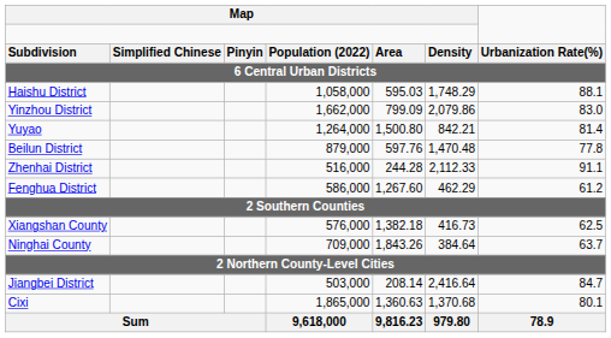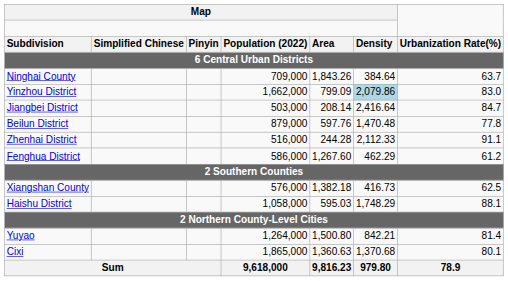 <table class="wikitable">
 <tr>
 <th colspan="6">Map</th>
 </tr>
 <tr>
 <td colspan="6"><div><br>            </div></td>
 </tr>
 <tr>
 <th style="text-align:left;">Subdivision</th>
 <th style="text-align:left;">Simplified Chinese</th>
 <th style="text-align:left;">Pinyin</th>
 <th style="text-align:left;">Population (2022)</th>
 <th style="text-align:left;">Area </th>
 <th style="text-align:left;">Density</th>
 <th style="text-align:left;">Urbanization Rate(%)</th>
 </tr>
 <tr style="background:#666666;">
 <td colspan="7" style="text-align:center; color:white "><strong>6 Central Urban Districts</strong></td>
 </tr>
 <tr>
 </tr>
 <tr>
-<td align="left"><a href='#'>Haishu District</a></td>
+<td align="left"><a href='#'>Ninghai County</a></td>
 <td align="left"></td>
 <td align="right"></td>
-<td align="right">1,058,000</td>
-<td align="right">595.03</td>
-<td align="right">1,748.29</td>
-<td align="right">88.1</td>
+<td align="right">709,000</td>
+<td align="right">1,843.26</td>
+<td align="right">384.64</td>
+<td align="right">63.7</td>
 </tr>
 <tr>
 <td align="left"><a href='#'>Yinzhou District</a></td>
 <td align="left"></td>
 <td align="right"></td>
 <td align="right">1,662,000</td>
 <td align="right">799.09</td>
-<td align="right">2,079.86</td>
+<td align="right" style="background: lightblue;">2,079.86</td>
 <td align="right">83.0</td>
 </tr>
 <tr>
-<td align="left"><a href='#'>Yuyao</a></td>
+<td align="left"><a href='#'>Jiangbei District</a></td>
 <td align="left"></td>
 <td align="right"></td>
-<td align="right">1,264,000</td>
-<td align="right">1,500.80</td>
-<td align="right">842.21</td>
-<td align="right">81.4</td>
+<td align="right">503,000</td>
+<td align="right">208.14</td>
+<td align="right">2,416.64</td>
+<td align="right">84.7</td>
 </tr>
 <tr>
 <td align="left"><a href='#'>Beilun District</a></td>
 <td align="left"></td>
 <td align="right"></td>
 <td align="right">879,000</td>
 <td align="right">597.76</td>
 <td align="right">1,470.48</td>
 <td align="right">77.8</td>
 </tr>
 <tr>
 <td align="left"><a href='#'>Zhenhai District</a></td>
 <td align="left"></td>
 <td align="right"></td>
 <td align="right">516,000</td>
 <td align="right">244.28</td>
 <td align="right">2,112.33</td>
 <td align="right">91.1</td>
 </tr>
 <tr>
 <td align="left"><a href='#'>Fenghua District</a></td>
 <td align="left"></td>
 <td align="right"></td>
 <td align="right">586,000</td>
 <td align="right">1,267.60</td>
 <td align="right">462.29</td>
 <td align="right">61.2</td>
 </tr>
 <tr style="background:#666666;">
 <td colspan="7" style="text-align:center; color:white "><strong>2 Southern Counties</strong></td>
 </tr>
 <tr>
 <td align="left"><a href='#'>Xiangshan County</a></td>
 <td align="left"></td>
 <td align="right"></td>
 <td align="right">576,000</td>
 <td align="right">1,382.18</td>
 <td align="right">416.73</td>
 <td align="right">62.5</td>
 </tr>
 <tr>
-<td align="left"><a href='#'>Ninghai County</a></td>
+<td align="left"><a href='#'>Haishu District</a></td>
 <td align="left"></td>
 <td align="right"></td>
-<td align="right">709,000</td>
-<td align="right">1,843.26</td>
-<td align="right">384.64</td>
-<td align="right">63.7</td>
+<td align="right">1,058,000</td>
+<td align="right">595.03</td>
+<td align="right">1,748.29</td>
+<td align="right">88.1</td>
 </tr>
 <tr style="background:#666666;">
 <td colspan="7" style="text-align:center; color:white "><strong>2 Northern County-Level Cities</strong></td>
 </tr>
 <tr>
-<td align="left"><a href='#'>Jiangbei District</a></td>
+<td align="left"><a href='#'>Yuyao</a></td>
 <td align="left"></td>
 <td align="right"></td>
-<td align="right">503,000</td>
-<td align="right">208.14</td>
-<td align="right">2,416.64</td>
-<td align="right">84.7</td>
+<td align="right">1,264,000</td>
+<td align="right">1,500.80</td>
+<td align="right">842.21</td>
+<td align="right">81.4</td>
 </tr>
 <tr>
 <td align="left"><a href='#'>Cixi</a></td>
 <td align="left"></td>
 <td align="right"></td>
 <td align="right">1,865,000</td>
 <td align="right">1,360.63</td>
 <td align="right">1,370.68</td>
 <td align="right">80.1</td>
 </tr>
 <tr>
 <th colspan="3">Sum</th>
 <th>9,618,000</th>
 <th>9,816.23</th>
 <th>979.80</th>
 <th>78.9</th>
 </tr>
 </table>
